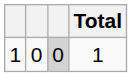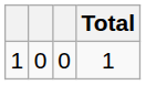 <table class="wikitable">
 <tr>
 <th></th>
 <th></th>
 <th></th>
 <th>Total</th>
 </tr>
 <tr style="text-align:center;">
 <td>1</td>
 <td>0</td>
-<td style="background: lightgrey;">0</td>
+<td>0</td>
 <td>1</td>
 </tr>
 </table>
